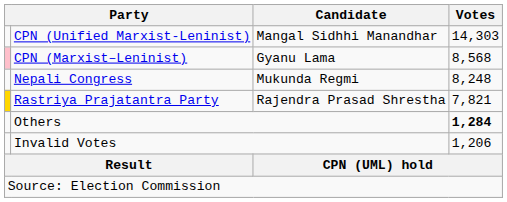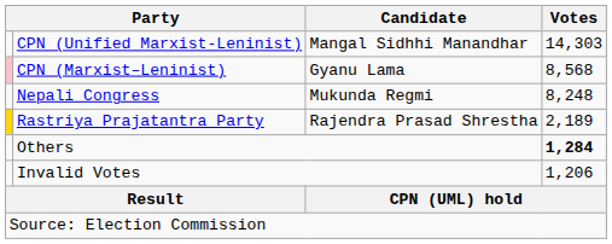 <table class="wikitable">
 <tr>
 <th colspan="2">Party</th>
 <th>Candidate</th>
 <th>Votes</th>
 </tr>
 <tr>
 <td style="background-color:"></td>
 <td><a href='#'>CPN (Unified Marxist-Leninist)</a></td>
 <td>Mangal Sidhhi Manandhar</td>
 <td>14,303</td>
 </tr>
 <tr>
 <td style="background-color:pink"></td>
 <td><a href='#'>CPN (Marxist–Leninist)</a></td>
 <td>Gyanu Lama</td>
 <td>8,568</td>
 </tr>
 <tr>
 <td style="background-color:"></td>
 <td><a href='#'>Nepali Congress</a></td>
 <td>Mukunda Regmi</td>
 <td>8,248</td>
 </tr>
 <tr>
 <td style="background-color:gold"></td>
 <td><a href='#'>Rastriya Prajatantra Party</a></td>
 <td>Rajendra Prasad Shrestha</td>
-<td>7,821</td>
+<td>2,189</td>
 </tr>
 <tr>
 <td></td>
 <td colspan="2">Others</td>
 <td><strong>1,284</strong></td>
 </tr>
 <tr>
 <td></td>
 <td colspan="2">Invalid Votes</td>
 <td>1,206</td>
 </tr>
 <tr>
 <th colspan="2">Result</th>
 <th colspan="2">CPN (UML) hold</th>
 </tr>
 <tr>
 <td colspan="4">Source: Election Commission</td>
 </tr>
 </table>
